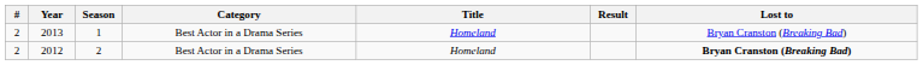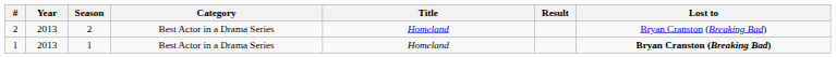 <table class="wikitable" width="100%" cellpadding="5" style="font-size: 95%">
 <tr>
 <th width="2.5%">#</th>
 <th width="5%">Year</th>
 <th width="5%">Season</th>
 <th width="25%">Category</th>
 <th width="25%">Title</th>
 <th width="5%">Result</th>
 <th width="30%">Lost to</th>
 </tr>
 <tr>
 <td style="text-align:center;">2</td>
 <td style="text-align:center;">2013</td>
-<td style="text-align: center;">1</td>
+<td style="text-align: center;">2</td>
 <td style="text-align: center;">Best Actor in a Drama Series</td>
 <td style="text-align: center;"><em><a href='#'>Homeland</a></em></td>
 <td></td>
 <td style="text-align: center;"><a href='#'>Bryan Cranston</a> (<em><a href='#'>Breaking Bad</a></em>)</td>
 </tr>
 <tr>
-<td style="text-align:center;">2</td>
-<td style="text-align:center;">2012</td>
-<td style="text-align: center;">2</td>
+<td style="text-align:center;">1</td>
+<td style="text-align:center;">2013</td>
+<td style="text-align: center;">1</td>
 <td style="text-align: center;">Best Actor in a Drama Series</td>
 <td style="text-align: center;"><em>Homeland</em></td>
 <td></td>
 <td style="text-align: center;"><strong>Bryan Cranston (<em>Breaking Bad</em>)</strong></td>
 </tr>
 </table>
